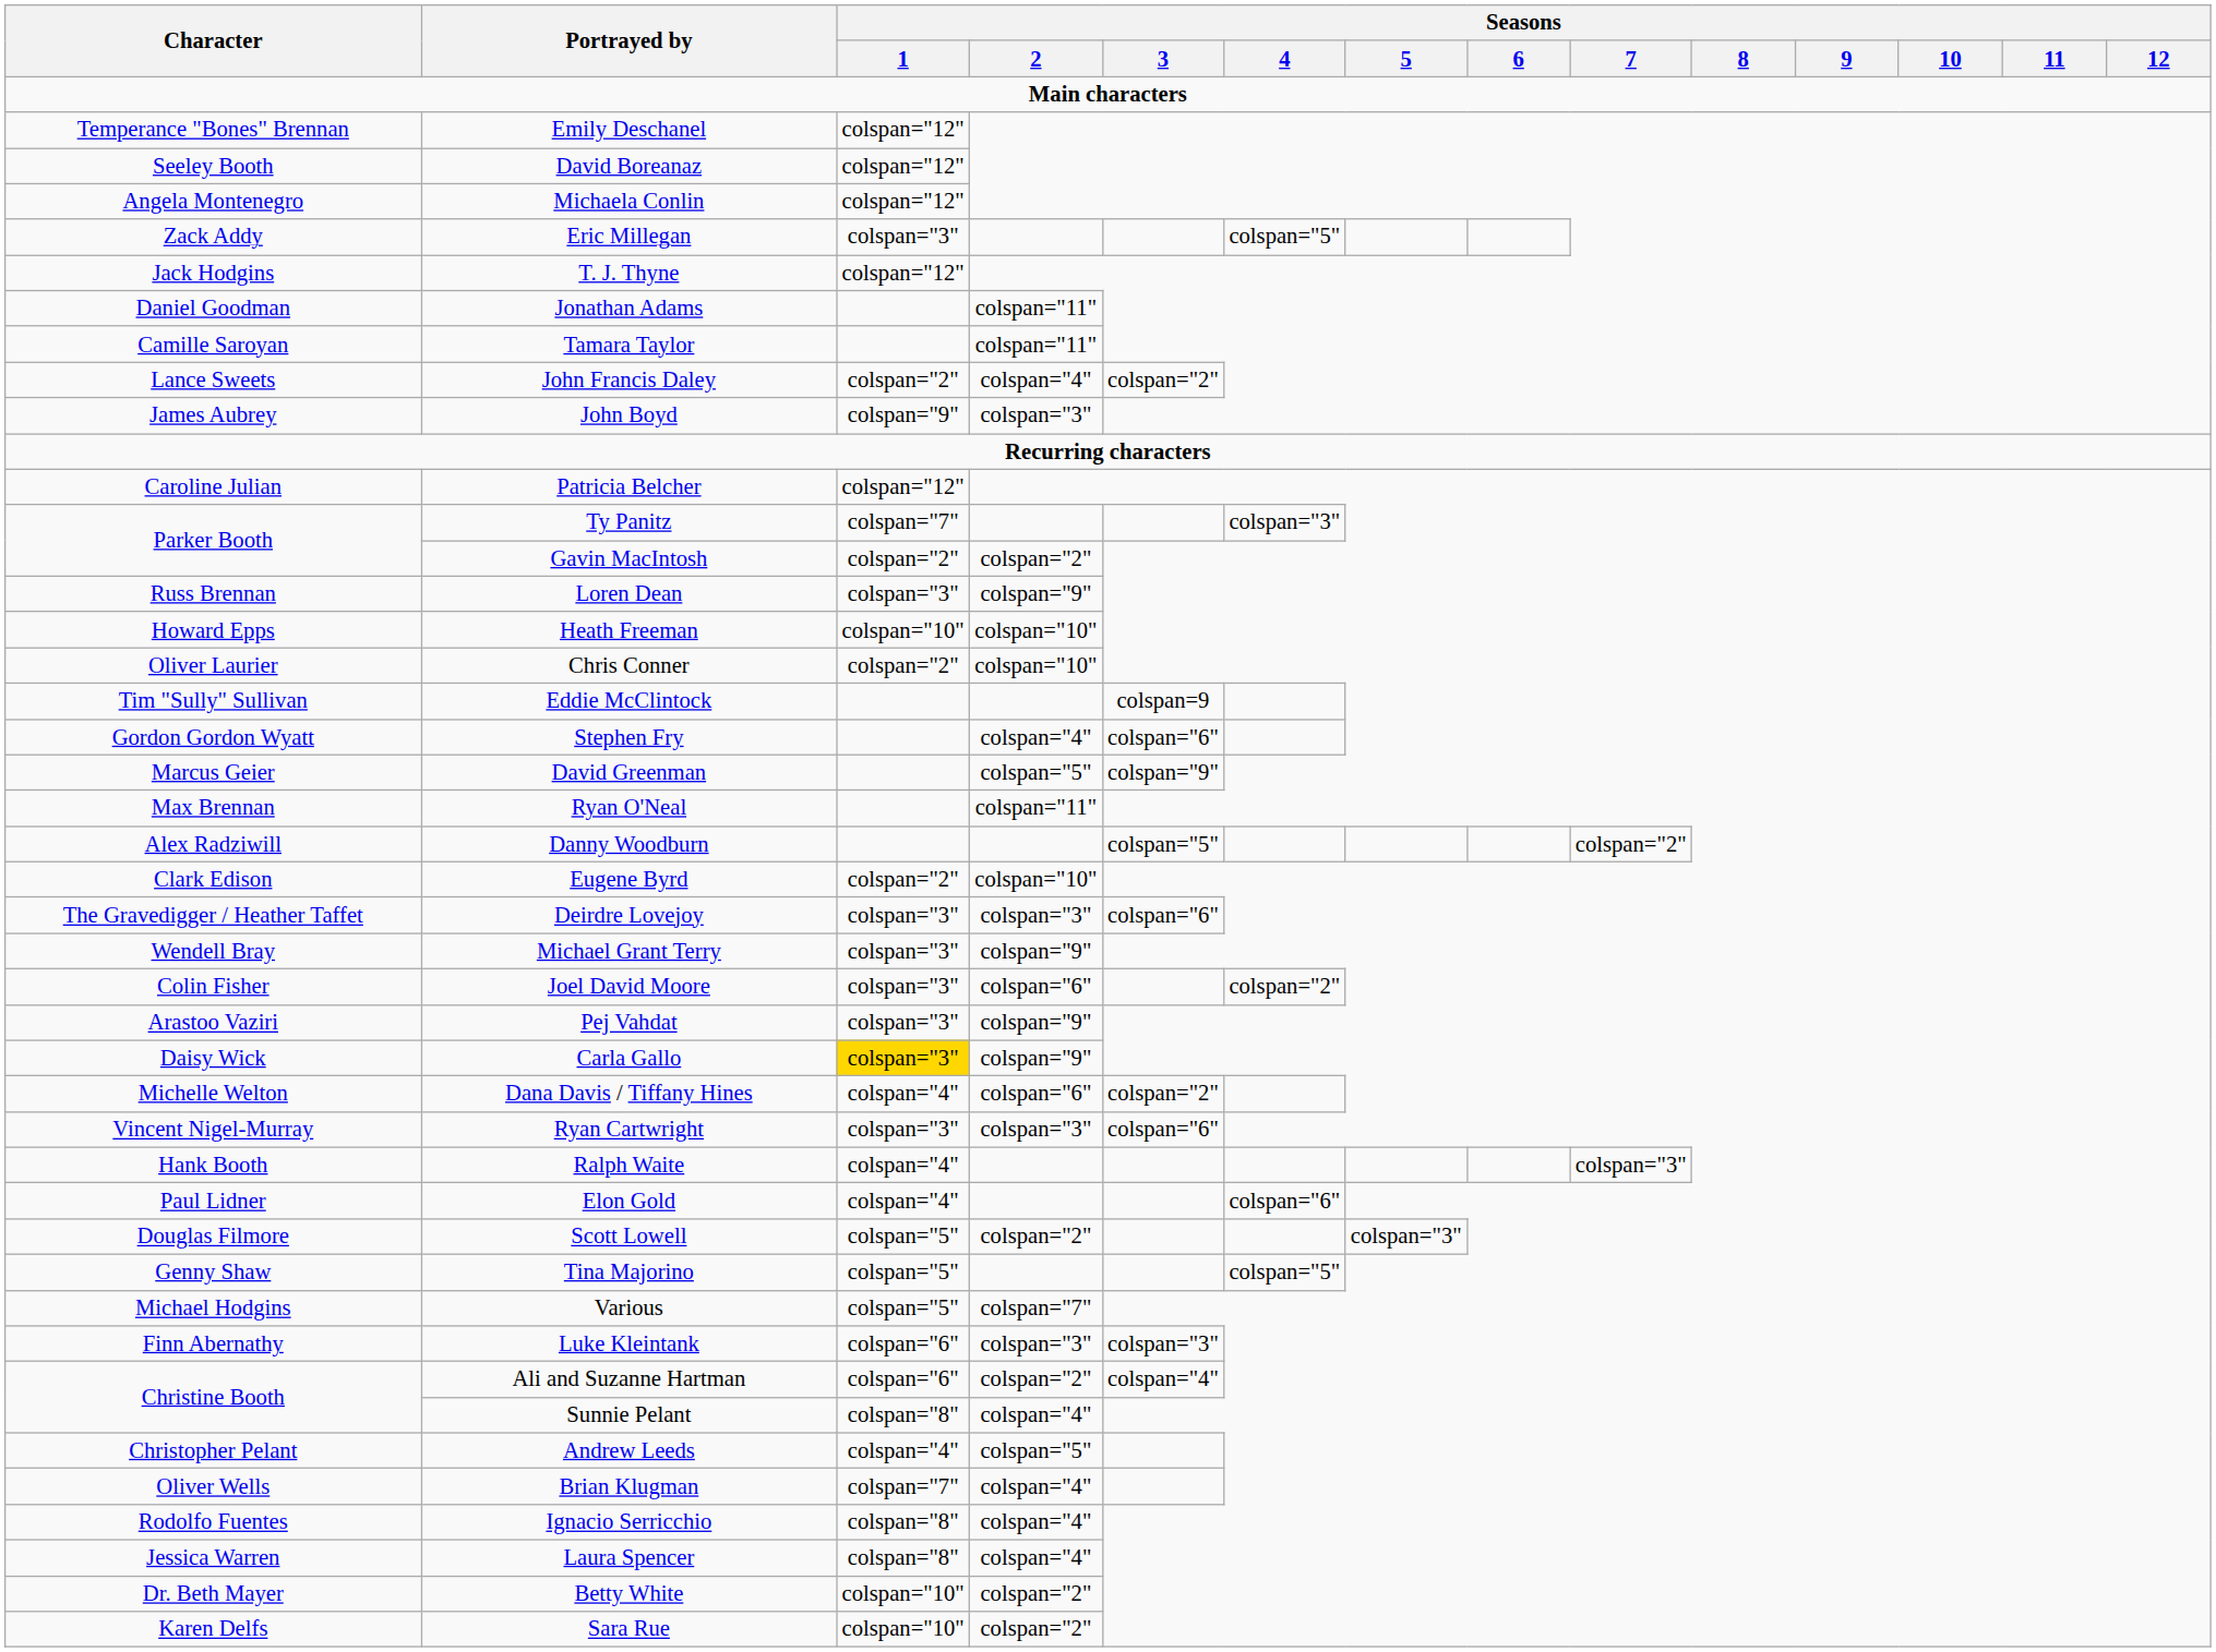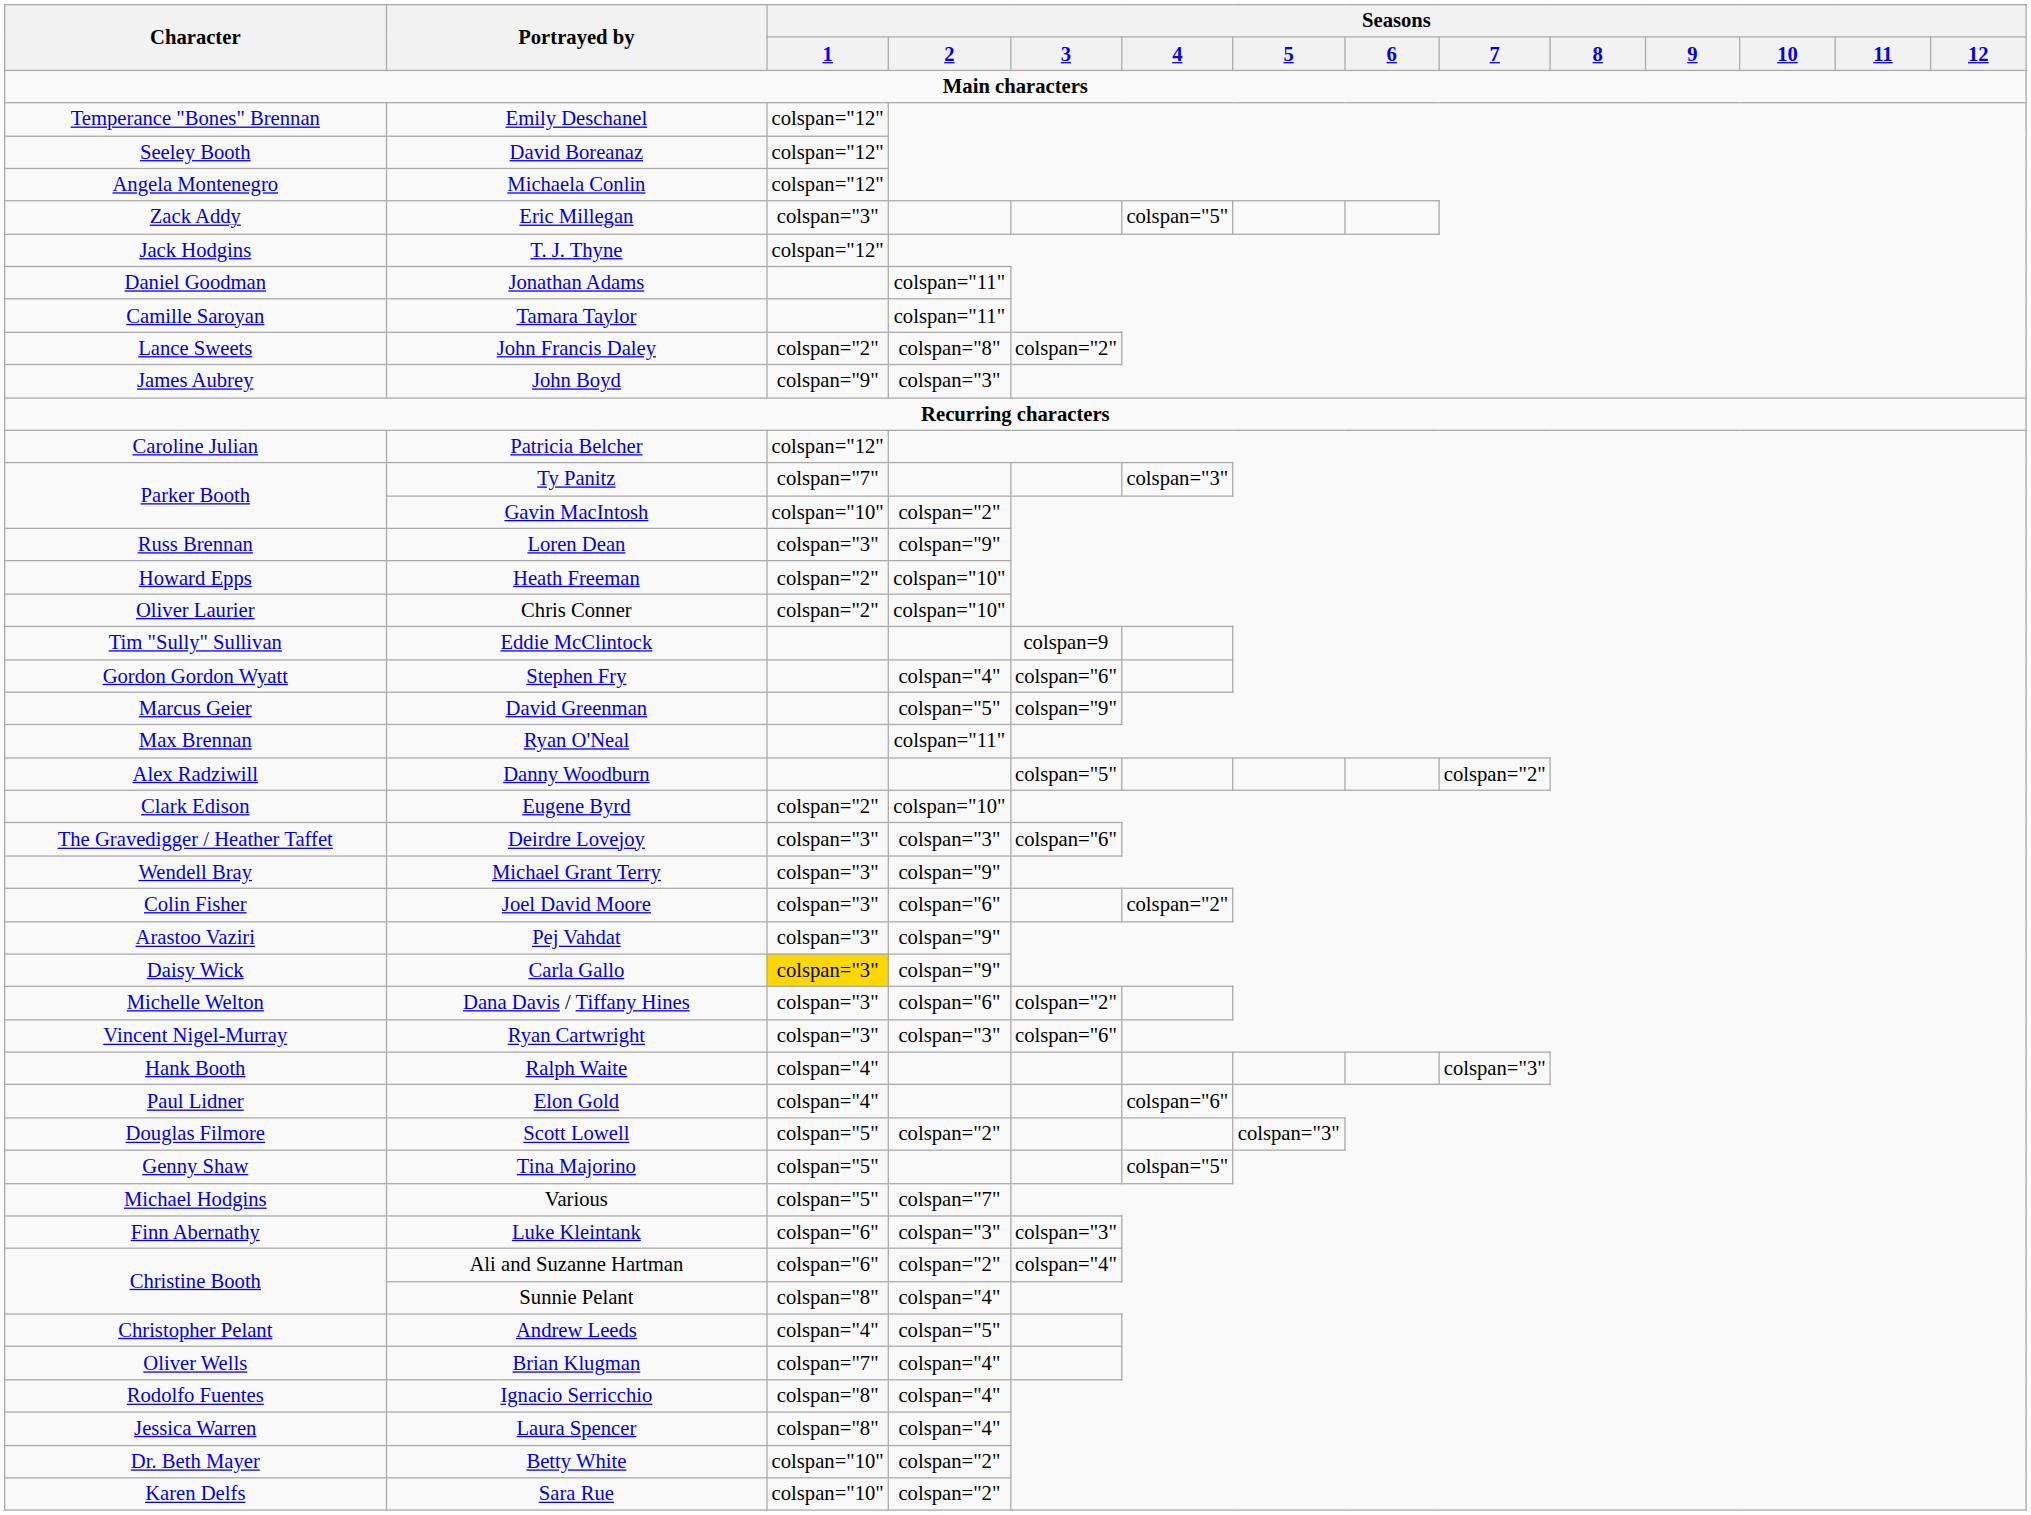 <table class="wikitable plainrowheaders" style="text-align:center">
 <tr>
 <th scope="col" rowspan="2" style="width:20%;">Character</th>
 <th scope="col" rowspan="2" style="width:20%;">Portrayed by</th>
 <th scope="col" colspan="12">Seasons</th>
 </tr>
 <tr>
 <th scope="col" style="width:5%;"><a href='#'>1</a></th>
 <th scope="col" style="width:5%;"><a href='#'>2</a></th>
 <th scope="col" style="width:5%;"><a href='#'>3</a></th>
 <th scope="col" style="width:5%;"><a href='#'>4</a></th>
 <th scope="col" style="width:5%;"><a href='#'>5</a></th>
 <th scope="col" style="width:5%;"><a href='#'>6</a></th>
 <th scope="col" style="width:5%;"><a href='#'>7</a></th>
 <th scope="col" style="width:5%;"><a href='#'>8</a></th>
 <th scope="col" style="width:5%;"><a href='#'>9</a></th>
 <th scope="col" style="width:5%;"><a href='#'>10</a></th>
 <th scope="col" style="width:5%;"><a href='#'>11</a></th>
 <th scope="col" style="width:5%;"><a href='#'>12</a></th>
 </tr>
 <tr>
 <td scope="row" colspan="14"><strong>Main characters</strong></td>
 </tr>
 <tr>
 <td scope="row"><a href='#'>Temperance "Bones" Brennan</a></td>
 <td><a href='#'>Emily Deschanel</a></td>
 <td>colspan="12" </td>
 </tr>
 <tr>
 <td scope="row"><a href='#'>Seeley Booth</a></td>
 <td><a href='#'>David Boreanaz</a></td>
 <td>colspan="12" </td>
 </tr>
 <tr>
 <td scope="row"><a href='#'>Angela Montenegro</a></td>
 <td><a href='#'>Michaela Conlin</a></td>
 <td>colspan="12" </td>
 </tr>
 <tr>
 <td scope="row"><a href='#'>Zack Addy</a></td>
 <td><a href='#'>Eric Millegan</a></td>
 <td>colspan="3" </td>
 <td></td>
 <td></td>
 <td>colspan="5" </td>
 <td></td>
 <td></td>
 </tr>
 <tr>
 <td scope="row"><a href='#'>Jack Hodgins</a></td>
 <td><a href='#'>T. J. Thyne</a></td>
 <td>colspan="12" </td>
 </tr>
 <tr>
 <td scope="row"><a href='#'>Daniel Goodman</a></td>
 <td><a href='#'>Jonathan Adams</a></td>
 <td></td>
 <td>colspan="11" </td>
 </tr>
 <tr>
 <td scope="row"><a href='#'>Camille Saroyan</a></td>
 <td><a href='#'>Tamara Taylor</a></td>
 <td></td>
 <td>colspan="11" </td>
 </tr>
 <tr>
 <td scope="row"><a href='#'>Lance Sweets</a></td>
 <td><a href='#'>John Francis Daley</a></td>
 <td>colspan="2" </td>
-<td>colspan="4" </td>
+<td>colspan="8" </td>
 <td>colspan="2" </td>
 </tr>
 <tr>
 <td scope="row"><a href='#'>James Aubrey</a></td>
 <td><a href='#'>John Boyd</a></td>
 <td>colspan="9" </td>
 <td>colspan="3" </td>
 </tr>
 <tr>
 <td scope="row" colspan="14"><strong>Recurring characters</strong></td>
 </tr>
 <tr>
 <td scope="row"><a href='#'>Caroline Julian</a></td>
 <td><a href='#'>Patricia Belcher</a></td>
 <td>colspan="12" </td>
 </tr>
 <tr>
 <td scope="row" rowspan="2"><a href='#'>Parker Booth</a></td>
 <td><a href='#'>Ty Panitz</a></td>
 <td>colspan="7" </td>
 <td></td>
 <td></td>
 <td>colspan="3" </td>
 </tr>
 <tr>
 <td><a href='#'>Gavin MacIntosh</a></td>
-<td>colspan="2" </td>
+<td>colspan="10" </td>
 <td>colspan="2" </td>
 </tr>
 <tr>
 <td scope="row"><a href='#'>Russ Brennan</a></td>
 <td><a href='#'>Loren Dean</a></td>
 <td>colspan="3" </td>
 <td>colspan="9" </td>
 </tr>
 <tr>
 <td scope="row"><a href='#'>Howard Epps</a></td>
 <td><a href='#'>Heath Freeman</a></td>
-<td>colspan="10" </td>
+<td>colspan="2" </td>
 <td>colspan="10" </td>
 </tr>
 <tr>
 <td scope="row"><a href='#'>Oliver Laurier</a></td>
 <td>Chris Conner</td>
 <td>colspan="2" </td>
 <td>colspan="10" </td>
 </tr>
 <tr>
 <td scope="row"><a href='#'>Tim "Sully" Sullivan</a></td>
 <td><a href='#'>Eddie McClintock</a></td>
 <td></td>
 <td></td>
 <td>colspan=9 </td>
 <td></td>
 </tr>
 <tr>
 <td scope="row"><a href='#'>Gordon Gordon Wyatt</a></td>
 <td><a href='#'>Stephen Fry</a></td>
 <td></td>
 <td>colspan="4" </td>
 <td>colspan="6" </td>
 <td></td>
 </tr>
 <tr>
 <td scope="row"><a href='#'>Marcus Geier</a></td>
 <td><a href='#'>David Greenman</a></td>
 <td></td>
 <td>colspan="5" </td>
 <td>colspan="9" </td>
 </tr>
 <tr>
 <td scope="row"><a href='#'>Max Brennan</a></td>
 <td><a href='#'>Ryan O'Neal</a></td>
 <td></td>
 <td>colspan="11" </td>
 </tr>
 <tr>
 <td scope="row"><a href='#'>Alex Radziwill</a></td>
 <td><a href='#'>Danny Woodburn</a></td>
 <td></td>
 <td></td>
 <td>colspan="5" </td>
 <td></td>
 <td></td>
 <td></td>
 <td>colspan="2" </td>
 </tr>
 <tr>
 <td scope="row"><a href='#'>Clark Edison</a></td>
 <td><a href='#'>Eugene Byrd</a></td>
 <td>colspan="2" </td>
 <td>colspan="10" </td>
 </tr>
 <tr>
 <td scope="row"><a href='#'>The Gravedigger / Heather Taffet</a></td>
 <td><a href='#'>Deirdre Lovejoy</a></td>
 <td>colspan="3" </td>
 <td>colspan="3" </td>
 <td>colspan="6" </td>
 </tr>
 <tr>
 <td scope="row"><a href='#'>Wendell Bray</a></td>
 <td><a href='#'>Michael Grant Terry</a></td>
 <td>colspan="3" </td>
 <td>colspan="9" </td>
 </tr>
 <tr>
 <td scope="row"><a href='#'>Colin Fisher</a></td>
 <td><a href='#'>Joel David Moore</a></td>
 <td>colspan="3" </td>
 <td>colspan="6" </td>
 <td></td>
 <td>colspan="2" </td>
 </tr>
 <tr>
 <td scope="row"><a href='#'>Arastoo Vaziri</a></td>
 <td><a href='#'>Pej Vahdat</a></td>
 <td>colspan="3" </td>
 <td>colspan="9" </td>
 </tr>
 <tr>
 <td scope="row"><a href='#'>Daisy Wick</a></td>
 <td><a href='#'>Carla Gallo</a></td>
 <td style="background: gold;">colspan="3" </td>
 <td>colspan="9" </td>
 </tr>
 <tr>
 <td scope="row"><a href='#'>Michelle Welton</a></td>
 <td><a href='#'>Dana Davis</a> / <a href='#'>Tiffany Hines</a></td>
-<td>colspan="4" </td>
+<td>colspan="3" </td>
 <td>colspan="6" </td>
 <td>colspan="2" </td>
 <td></td>
 </tr>
 <tr>
 <td scope="row"><a href='#'>Vincent Nigel-Murray</a></td>
 <td><a href='#'>Ryan Cartwright</a></td>
 <td>colspan="3" </td>
 <td>colspan="3" </td>
 <td>colspan="6" </td>
 </tr>
 <tr>
 <td scope="row"><a href='#'>Hank Booth</a></td>
 <td><a href='#'>Ralph Waite</a></td>
 <td>colspan="4" </td>
 <td></td>
 <td></td>
 <td></td>
 <td></td>
 <td></td>
 <td>colspan="3" </td>
 </tr>
 <tr>
 <td scope="row"><a href='#'>Paul Lidner</a></td>
 <td><a href='#'>Elon Gold</a></td>
 <td>colspan="4" </td>
 <td></td>
 <td></td>
 <td>colspan="6" </td>
 </tr>
 <tr>
 <td scope="row"><a href='#'>Douglas Filmore</a></td>
 <td><a href='#'>Scott Lowell</a></td>
 <td>colspan="5" </td>
 <td>colspan="2" </td>
 <td></td>
 <td></td>
 <td>colspan="3" </td>
 </tr>
 <tr>
 <td scope="row"><a href='#'>Genny Shaw</a></td>
 <td><a href='#'>Tina Majorino</a></td>
 <td>colspan="5" </td>
 <td></td>
 <td></td>
 <td>colspan="5" </td>
 </tr>
 <tr>
 <td scope="row"><a href='#'>Michael Hodgins</a></td>
 <td>Various</td>
 <td>colspan="5" </td>
 <td>colspan="7" </td>
 </tr>
 <tr>
 <td scope="row"><a href='#'>Finn Abernathy</a></td>
 <td><a href='#'>Luke Kleintank</a></td>
 <td>colspan="6" </td>
 <td>colspan="3" </td>
 <td>colspan="3" </td>
 </tr>
 <tr>
 <td scope="row" rowspan="2"><a href='#'>Christine Booth</a></td>
 <td>Ali and Suzanne Hartman</td>
 <td>colspan="6" </td>
 <td>colspan="2" </td>
 <td>colspan="4" </td>
 </tr>
 <tr>
 <td>Sunnie Pelant</td>
 <td>colspan="8" </td>
 <td>colspan="4" </td>
 </tr>
 <tr>
 <td scope="row"><a href='#'>Christopher Pelant</a></td>
 <td><a href='#'>Andrew Leeds</a></td>
 <td>colspan="4" </td>
 <td>colspan="5" </td>
 <td></td>
 </tr>
 <tr>
 <td scope="row"><a href='#'>Oliver Wells</a></td>
 <td><a href='#'>Brian Klugman</a></td>
 <td>colspan="7" </td>
 <td>colspan="4" </td>
 <td></td>
 </tr>
 <tr>
 <td scope="row"><a href='#'>Rodolfo Fuentes</a></td>
 <td><a href='#'>Ignacio Serricchio</a></td>
 <td>colspan="8" </td>
 <td>colspan="4" </td>
 </tr>
 <tr>
 <td scope="row"><a href='#'>Jessica Warren</a></td>
 <td><a href='#'>Laura Spencer</a></td>
 <td>colspan="8" </td>
 <td>colspan="4" </td>
 </tr>
 <tr>
 <td scope="row"><a href='#'>Dr. Beth Mayer</a></td>
 <td><a href='#'>Betty White</a></td>
 <td>colspan="10" </td>
 <td>colspan="2" </td>
 </tr>
 <tr>
 <td scope="row"><a href='#'>Karen Delfs</a></td>
 <td><a href='#'>Sara Rue</a></td>
 <td>colspan="10" </td>
 <td>colspan="2" </td>
 </tr>
 </table>
